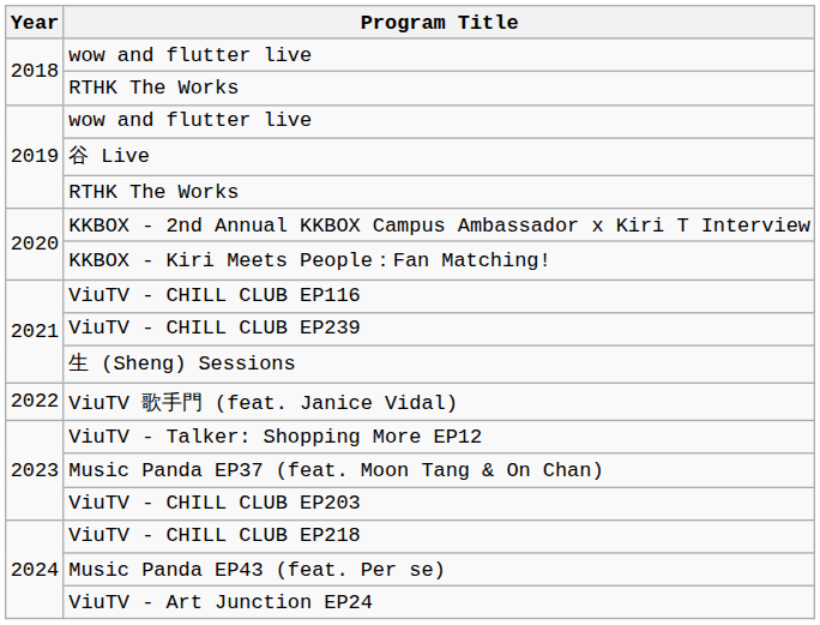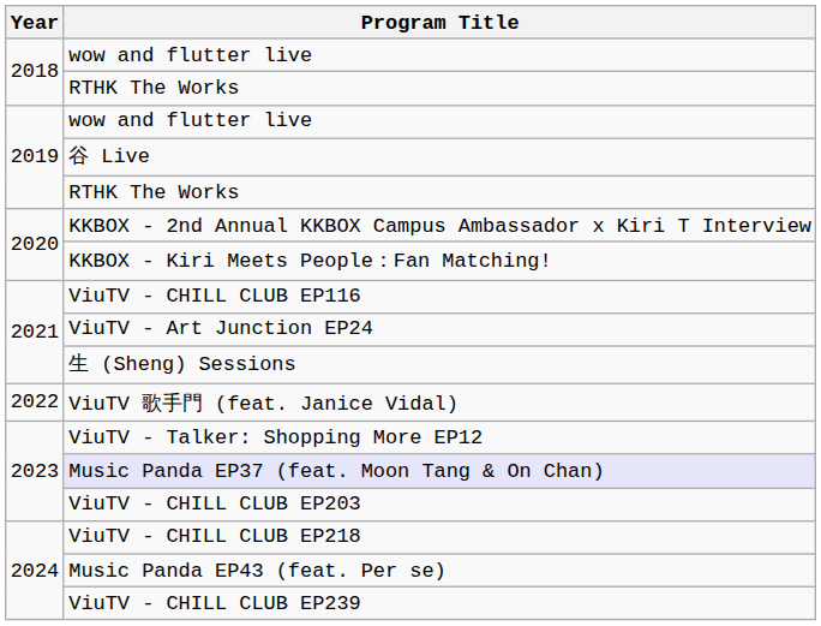 <table class="wikitable">
 <tr>
 <th>Year</th>
 <th>Program Title</th>
 </tr>
 <tr>
 <td rowspan="2">2018</td>
 <td>wow and flutter live</td>
 </tr>
 <tr>
 <td>RTHK The Works</td>
 </tr>
 <tr>
 <td rowspan="3">2019</td>
 <td>wow and flutter live</td>
 </tr>
 <tr>
 <td>谷 Live</td>
 </tr>
 <tr>
 <td>RTHK The Works</td>
 </tr>
 <tr>
 <td rowspan="2">2020</td>
 <td>KKBOX - 2nd Annual KKBOX Campus Ambassador x Kiri T Interview</td>
 </tr>
 <tr>
 <td>KKBOX - Kiri Meets People：Fan Matching!</td>
 </tr>
 <tr>
 <td rowspan="3">2021</td>
 <td>ViuTV - CHILL CLUB EP116</td>
 </tr>
 <tr>
-<td>ViuTV - CHILL CLUB EP239</td>
+<td>ViuTV - Art Junction EP24</td>
 </tr>
 <tr>
 <td>生 (Sheng) Sessions</td>
 </tr>
 <tr>
 <td>2022</td>
 <td>ViuTV 歌手門 (feat. Janice Vidal)</td>
 </tr>
 <tr>
 <td rowspan="3">2023</td>
 <td>ViuTV - Talker: Shopping More EP12</td>
 </tr>
 <tr>
-<td>Music Panda EP37 (feat. Moon Tang & On Chan)</td>
+<td style="background: lavender;">Music Panda EP37 (feat. Moon Tang & On Chan)</td>
 </tr>
 <tr>
 <td>ViuTV - CHILL CLUB EP203</td>
 </tr>
 <tr>
 <td rowspan="3">2024</td>
 <td>ViuTV - CHILL CLUB EP218</td>
 </tr>
 <tr>
 <td>Music Panda EP43 (feat. Per se)</td>
 </tr>
 <tr>
-<td>ViuTV - Art Junction EP24</td>
+<td>ViuTV - CHILL CLUB EP239</td>
 </tr>
 </table>
